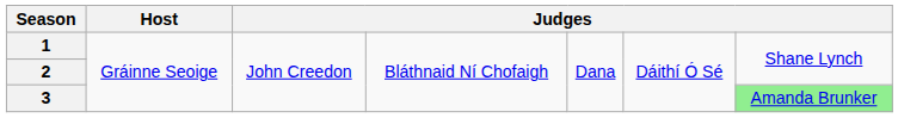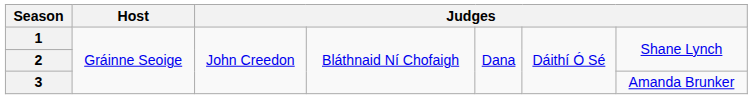 <table class="wikitable" style="margin-left: auto; margin-right: auto; border: none; text-align:center; font-size:90%; width: 60%;">
 <tr>
 <th>Season</th>
 <th>Host</th>
 <th colspan="5">Judges</th>
 </tr>
 <tr>
 <th scope="row">1</th>
 <td rowspan="3"><a href='#'>Gráinne Seoige</a></td>
 <td rowspan="3"><a href='#'>John Creedon</a></td>
 <td rowspan="3"><a href='#'>Bláthnaid Ní Chofaigh</a></td>
 <td rowspan="3"><a href='#'>Dana</a></td>
 <td rowspan="3"><a href='#'>Dáithí Ó Sé</a></td>
 <td rowspan="2"><a href='#'>Shane Lynch</a></td>
 </tr>
 <tr>
 <th scope="row">2</th>
 </tr>
 <tr>
 <th scope="row">3</th>
-<td rowspan="1" style="background: lightgreen;"><a href='#'>Amanda Brunker</a></td>
+<td rowspan="1"><a href='#'>Amanda Brunker</a></td>
 </tr>
 </table>
